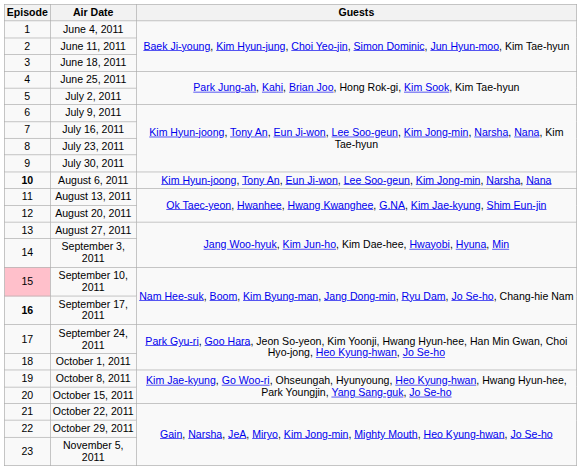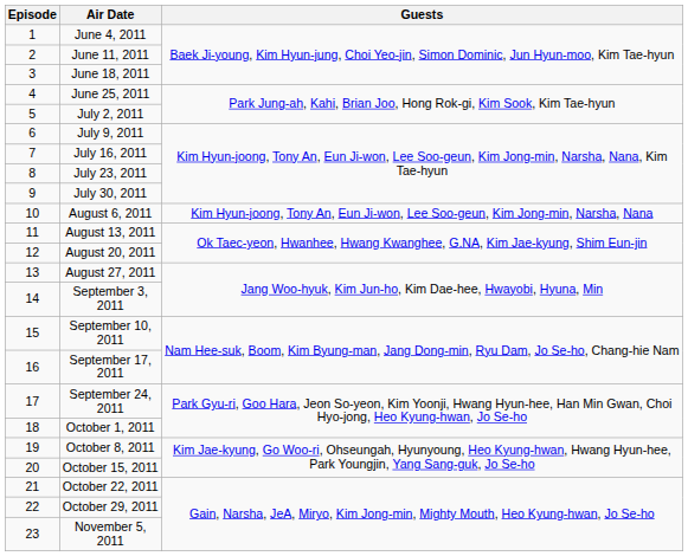 <table class="wikitable" style="text-align:center;">
 <tr>
 <th>Episode</th>
 <th>Air Date</th>
 <th>Guests</th>
 </tr>
 <tr>
 <td>1</td>
 <td>June 4, 2011</td>
 <td rowspan=3><a href='#'>Baek Ji-young</a>, <a href='#'>Kim Hyun-jung</a>, <a href='#'>Choi Yeo-jin</a>, <a href='#'>Simon Dominic</a>, <a href='#'>Jun Hyun-moo</a>, Kim Tae-hyun</td>
 </tr>
 <tr>
 <td>2</td>
 <td>June 11, 2011</td>
 </tr>
 <tr>
 <td>3</td>
 <td>June 18, 2011</td>
 </tr>
 <tr>
 <td>4</td>
 <td>June 25, 2011</td>
 <td rowspan=2><a href='#'>Park Jung-ah</a>, <a href='#'>Kahi</a>, <a href='#'>Brian Joo</a>, Hong Rok-gi, <a href='#'>Kim Sook</a>, Kim Tae-hyun</td>
 </tr>
 <tr>
 <td>5</td>
 <td>July 2, 2011</td>
 </tr>
 <tr>
 <td>6</td>
 <td>July 9, 2011</td>
 <td rowspan=4><a href='#'>Kim Hyun-joong</a>, <a href='#'>Tony An</a>, <a href='#'>Eun Ji-won</a>, <a href='#'>Lee Soo-geun</a>, <a href='#'>Kim Jong-min</a>, <a href='#'>Narsha</a>, <a href='#'>Nana</a>, Kim Tae-hyun</td>
 </tr>
 <tr>
 <td>7</td>
 <td>July 16, 2011</td>
 </tr>
 <tr>
 <td>8</td>
 <td>July 23, 2011</td>
 </tr>
 <tr>
 <td>9</td>
 <td>July 30, 2011</td>
 </tr>
 <tr>
-<td><strong>10</strong></td>
+<td>10</td>
 <td>August 6, 2011</td>
 <td><a href='#'>Kim Hyun-joong</a>, <a href='#'>Tony An</a>, <a href='#'>Eun Ji-won</a>, <a href='#'>Lee Soo-geun</a>, <a href='#'>Kim Jong-min</a>, <a href='#'>Narsha</a>, <a href='#'>Nana</a></td>
 </tr>
 <tr>
 <td>11</td>
 <td>August 13, 2011</td>
 <td rowspan=2><a href='#'>Ok Taec-yeon</a>, <a href='#'>Hwanhee</a>, <a href='#'>Hwang Kwanghee</a>, <a href='#'>G.NA</a>, <a href='#'>Kim Jae-kyung</a>, <a href='#'>Shim Eun-jin</a></td>
 </tr>
 <tr>
 <td>12</td>
 <td>August 20, 2011</td>
 </tr>
 <tr>
 <td>13</td>
 <td>August 27, 2011</td>
 <td rowspan=2><a href='#'>Jang Woo-hyuk</a>, <a href='#'>Kim Jun-ho</a>, Kim Dae-hee, <a href='#'>Hwayobi</a>, <a href='#'>Hyuna</a>, <a href='#'>Min</a></td>
 </tr>
 <tr>
 <td>14</td>
 <td>September 3, 2011</td>
 </tr>
 <tr>
-<td style="background: pink;">15</td>
+<td>15</td>
 <td>September 10, 2011</td>
 <td rowspan=2><a href='#'>Nam Hee-suk</a>, <a href='#'>Boom</a>, <a href='#'>Kim Byung-man</a>, <a href='#'>Jang Dong-min</a>, <a href='#'>Ryu Dam</a>, <a href='#'>Jo Se-ho</a>, Chang-hie Nam</td>
 </tr>
 <tr>
-<td><strong>16</strong></td>
+<td>16</td>
 <td>September 17, 2011</td>
 </tr>
 <tr>
 <td>17</td>
 <td>September 24, 2011</td>
 <td rowspan=2><a href='#'>Park Gyu-ri</a>, <a href='#'>Goo Hara</a>, Jeon So-yeon, Kim Yoonji, Hwang Hyun-hee, Han Min Gwan, Choi Hyo-jong, <a href='#'>Heo Kyung-hwan</a>, <a href='#'>Jo Se-ho</a></td>
 </tr>
 <tr>
 <td>18</td>
 <td>October 1, 2011</td>
 </tr>
 <tr>
 <td>19</td>
 <td>October 8, 2011</td>
 <td rowspan=2><a href='#'>Kim Jae-kyung</a>, <a href='#'>Go Woo-ri</a>, Ohseungah, Hyunyoung, <a href='#'>Heo Kyung-hwan</a>, Hwang Hyun-hee, Park Youngjin, <a href='#'>Yang Sang-guk</a>, <a href='#'>Jo Se-ho</a></td>
 </tr>
 <tr>
 <td>20</td>
 <td>October 15, 2011</td>
 </tr>
 <tr>
 <td>21</td>
 <td>October 22, 2011</td>
 <td rowspan=3><a href='#'>Gain</a>, <a href='#'>Narsha</a>, <a href='#'>JeA</a>, <a href='#'>Miryo</a>, <a href='#'>Kim Jong-min</a>, <a href='#'>Mighty Mouth</a>, <a href='#'>Heo Kyung-hwan</a>, <a href='#'>Jo Se-ho</a></td>
 </tr>
 <tr>
 <td>22</td>
 <td>October 29, 2011</td>
 </tr>
 <tr>
 <td>23</td>
 <td>November 5, 2011</td>
 </tr>
 </table>
